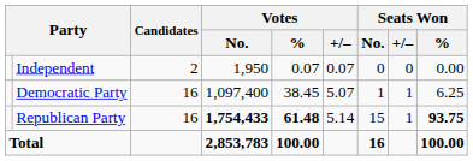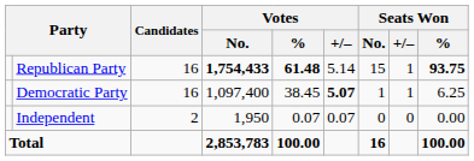 <table class="wikitable sortable" style="font-size:100%; text-align:right;">
 <tr>
 <th colspan="2" rowspan="2">Party</th>
 <th rowspan="2"><small>Candi</small><small>dates</small></th>
 <th colspan="3">Votes</th>
 <th colspan="3">Seats Won</th>
 </tr>
 <tr>
 <th>No.</th>
 <th>%</th>
 <th>+/–</th>
 <th>No.</th>
 <th>+/–</th>
 <th>%</th>
 </tr>
 <tr>
 <td style="background:"></td>
+<td align="left"><a href='#'>Republican Party</a></td>
+<td>16</td>
+<td><strong>1,754,433</strong></td>
+<td><strong>61.48</strong></td>
+<td> 5.14</td>
+<td>15</td>
+<td> 1</td>
+<td><strong>93.75</strong></td>
+</tr>
+<tr>
+<td style="background:"></td>
+<td align="left"><a href='#'>Democratic Party</a></td>
+<td>16</td>
+<td>1,097,400</td>
+<td>38.45</td>
+<td><strong> 5.07</strong></td>
+<td>1</td>
+<td> 1</td>
+<td>6.25</td>
+</tr>
+<tr>
+<td style="background:"></td>
 <td align="left"><a href='#'>Independent</a></td>
 <td>2</td>
 <td>1,950</td>
 <td>0.07</td>
 <td> 0.07</td>
 <td>0</td>
 <td> 0</td>
 <td>0.00</td>
-</tr>
-<tr>
-<td style="background:"></td>
-<td align="left"><a href='#'>Democratic Party</a></td>
-<td>16</td>
-<td>1,097,400</td>
-<td>38.45</td>
-<td> 5.07</td>
-<td>1</td>
-<td> 1</td>
-<td>6.25</td>
-</tr>
-<tr>
-<td style="background:"></td>
-<td align="left"><a href='#'>Republican Party</a></td>
-<td>16</td>
-<td><strong>1,754,433</strong></td>
-<td><strong>61.48</strong></td>
-<td> 5.14</td>
-<td>15</td>
-<td> 1</td>
-<td><strong>93.75</strong></td>
 </tr>
 <tr style="font-weight:bold">
 <td colspan="2" align="left">Total</td>
 <td></td>
 <td><strong>2,853,783</strong></td>
 <td>100.00</td>
 <td></td>
 <td>16</td>
 <td></td>
 <td>100.00</td>
 </tr>
 </table>
